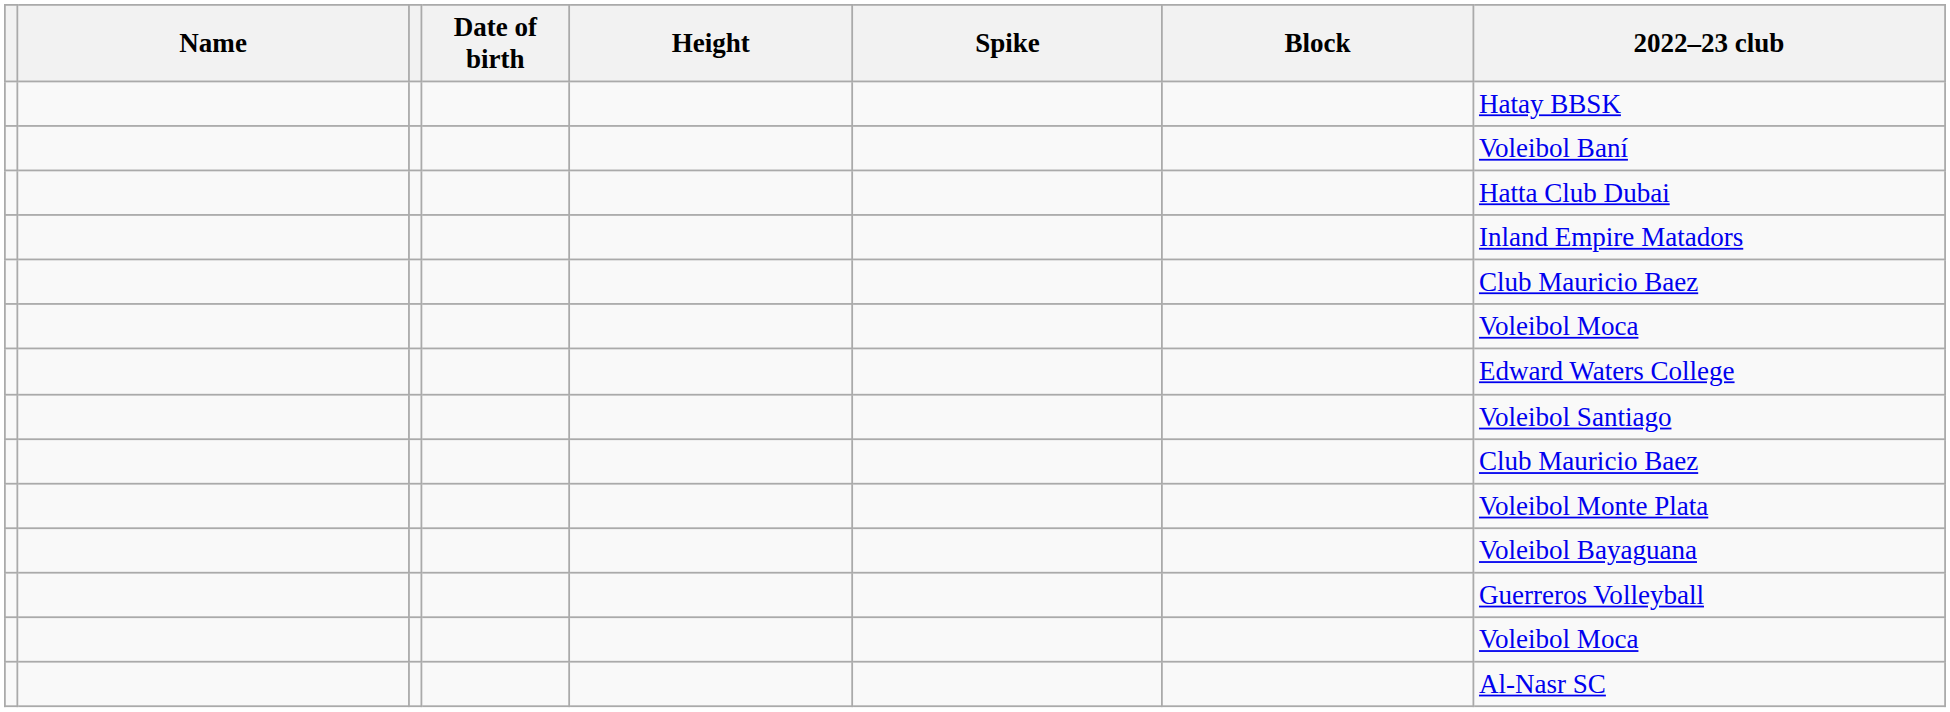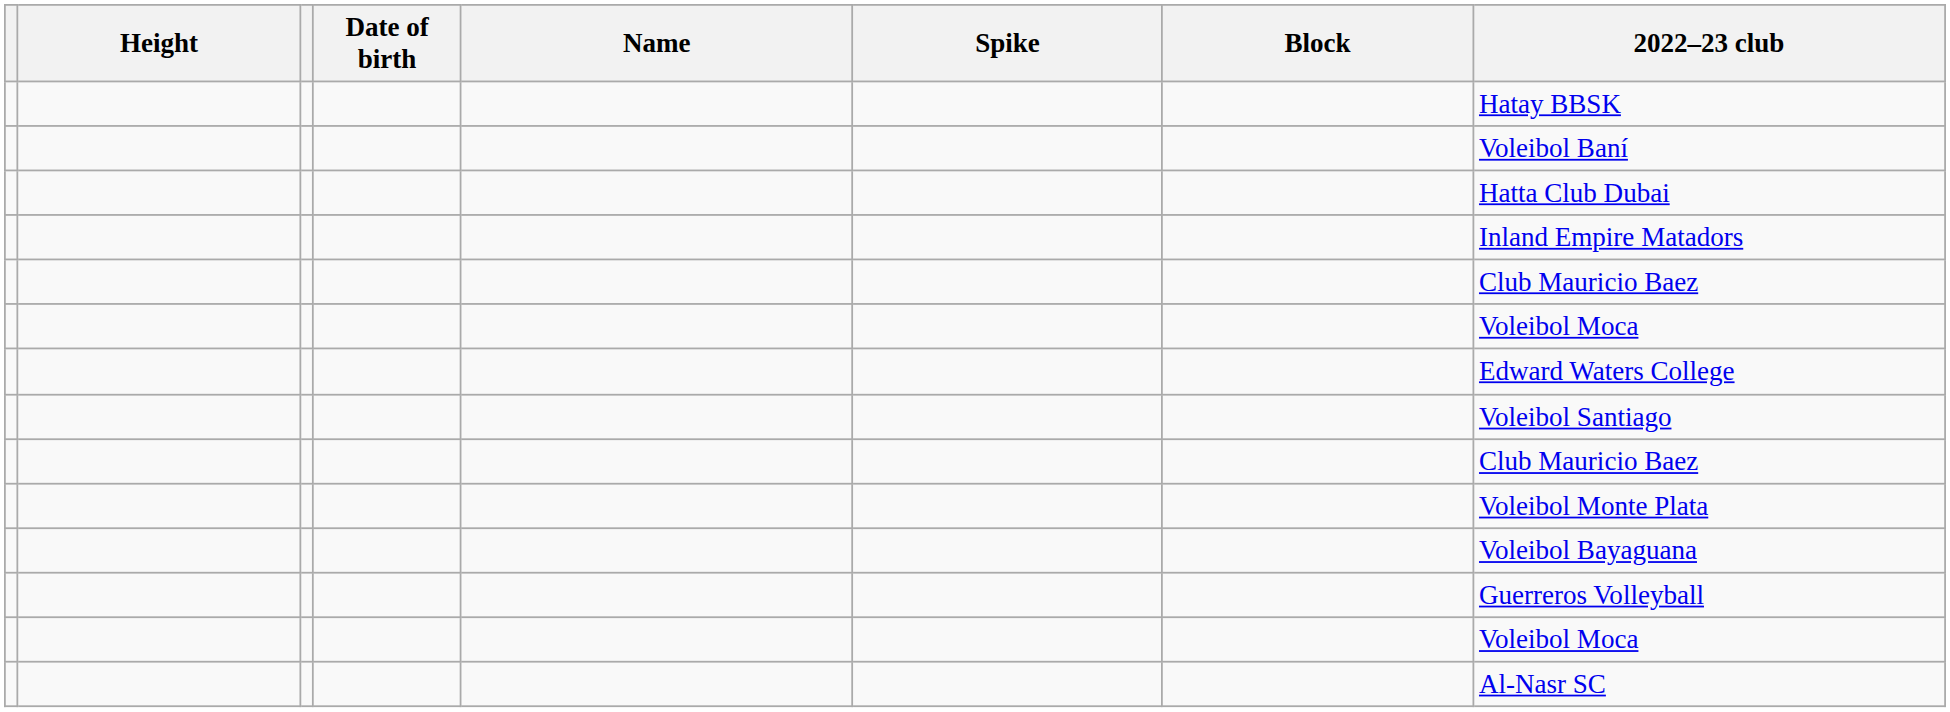 <table class="wikitable sortable" style="font-size:95%; text-align:center;">
 <tr>
 <th></th>
-<th style="width:14em">Name</th>
+<th style="width:10em">Height</th>
 <th></th>
 <th style="width:5em">Date of birth</th>
-<th style="width:10em">Height</th>
+<th style="width:14em">Name</th>
 <th style="width:11em">Spike</th>
 <th style="width:11em">Block</th>
 <th style="width:17em">2022–23 club</th>
 </tr>
 <tr>
 <td></td>
-<td align=left></td>
+<td></td>
 <td></td>
 <td align=right></td>
-<td></td>
+<td align=left></td>
 <td></td>
 <td></td>
 <td align=left> <a href='#'>Hatay BBSK</a></td>
 </tr>
 <tr>
 <td></td>
-<td align=left></td>
+<td></td>
 <td></td>
 <td align=right></td>
-<td></td>
+<td align=left></td>
 <td></td>
 <td></td>
 <td align=left> <a href='#'>Voleibol Baní</a></td>
 </tr>
 <tr>
 <td></td>
-<td align=left></td>
+<td></td>
 <td></td>
 <td align=right></td>
-<td></td>
+<td align=left></td>
 <td></td>
 <td></td>
 <td align=left> <a href='#'>Hatta Club Dubai</a></td>
 </tr>
 <tr>
 <td></td>
-<td align=left></td>
+<td></td>
 <td></td>
 <td align=right></td>
-<td></td>
+<td align=left></td>
 <td></td>
 <td></td>
 <td align=left> <a href='#'>Inland Empire Matadors</a></td>
 </tr>
 <tr>
 <td></td>
-<td align=left></td>
+<td></td>
 <td></td>
 <td align=right></td>
-<td></td>
+<td align=left></td>
 <td></td>
 <td></td>
 <td align=left> <a href='#'>Club Mauricio Baez</a></td>
 </tr>
 <tr>
 <td></td>
-<td align=left></td>
+<td></td>
 <td></td>
 <td align=right></td>
-<td></td>
+<td align=left></td>
 <td></td>
 <td></td>
 <td align=left> <a href='#'>Voleibol Moca</a></td>
 </tr>
 <tr>
 <td></td>
-<td align=left></td>
+<td></td>
 <td></td>
 <td align=right></td>
-<td></td>
+<td align=left></td>
 <td></td>
 <td></td>
 <td align=left> <a href='#'>Edward Waters College</a></td>
 </tr>
 <tr>
 <td></td>
-<td align=left></td>
+<td></td>
 <td></td>
 <td align=right></td>
-<td></td>
+<td align=left></td>
 <td></td>
 <td></td>
 <td align=left> <a href='#'>Voleibol Santiago</a></td>
 </tr>
 <tr>
 <td></td>
-<td align=left></td>
+<td></td>
 <td></td>
 <td align=right></td>
-<td></td>
+<td align=left></td>
 <td></td>
 <td></td>
 <td align=left> <a href='#'>Club Mauricio Baez</a></td>
 </tr>
 <tr>
 <td></td>
-<td align=left></td>
+<td></td>
 <td></td>
 <td align=right></td>
-<td></td>
+<td align=left></td>
 <td></td>
 <td></td>
 <td align=left> <a href='#'>Voleibol Monte Plata</a></td>
 </tr>
 <tr>
 <td></td>
-<td align=left></td>
+<td></td>
 <td></td>
 <td align=right></td>
-<td></td>
+<td align=left></td>
 <td></td>
 <td></td>
 <td align=left> <a href='#'>Voleibol Bayaguana</a></td>
 </tr>
 <tr>
 <td></td>
-<td align=left></td>
+<td></td>
 <td></td>
 <td align=right></td>
-<td></td>
+<td align=left></td>
 <td></td>
 <td></td>
 <td align=left> <a href='#'>Guerreros Volleyball</a></td>
 </tr>
 <tr>
 <td></td>
-<td align=left></td>
+<td></td>
 <td></td>
 <td align=right></td>
-<td></td>
+<td align=left></td>
 <td></td>
 <td></td>
 <td align=left> <a href='#'>Voleibol Moca</a></td>
 </tr>
 <tr>
 <td></td>
-<td align=left></td>
+<td></td>
 <td></td>
 <td align=right></td>
-<td></td>
+<td align=left></td>
 <td></td>
 <td></td>
 <td align=left> <a href='#'>Al-Nasr SC</a></td>
 </tr>
 </table>
